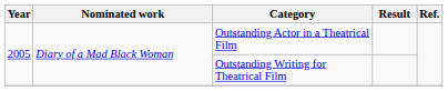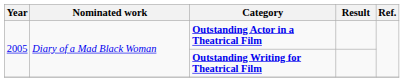 <table class=wikitable>
 <tr>
 <th scope="col" style="width:1em;">Year</th>
 <th scope="col" style="width:39em;">Nominated work</th>
 <th scope="col" style="width:33em;">Category</th>
 <th scope="col" style="width:5em;">Result</th>
 <th scope="col" style="width:1em;">Ref.</th>
 </tr>
 <tr>
 <td rowspan="2"><a href='#'>2005</a></td>
 <td rowspan="2"><em><a href='#'>Diary of a Mad Black Woman</a></em></td>
-<td><a href='#'>Outstanding Actor in a Theatrical Film</a></td>
+<td><strong><a href='#'>Outstanding Actor in a Theatrical Film</a></strong></td>
 <td></td>
 <td style="text-align:center;" rowspan="2"></td>
 </tr>
 <tr>
-<td><a href='#'>Outstanding Writing for Theatrical Film</a></td>
+<td><strong><a href='#'>Outstanding Writing for Theatrical Film</a></strong></td>
 <td></td>
 </tr>
 <tr>
 </tr>
 </table>
